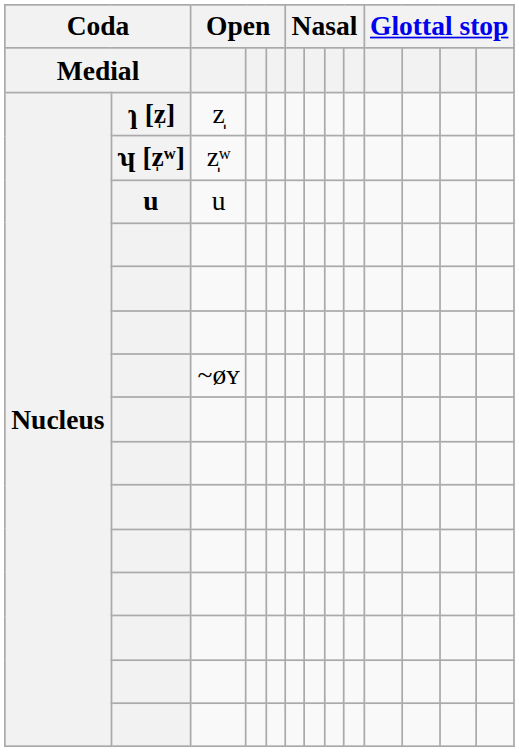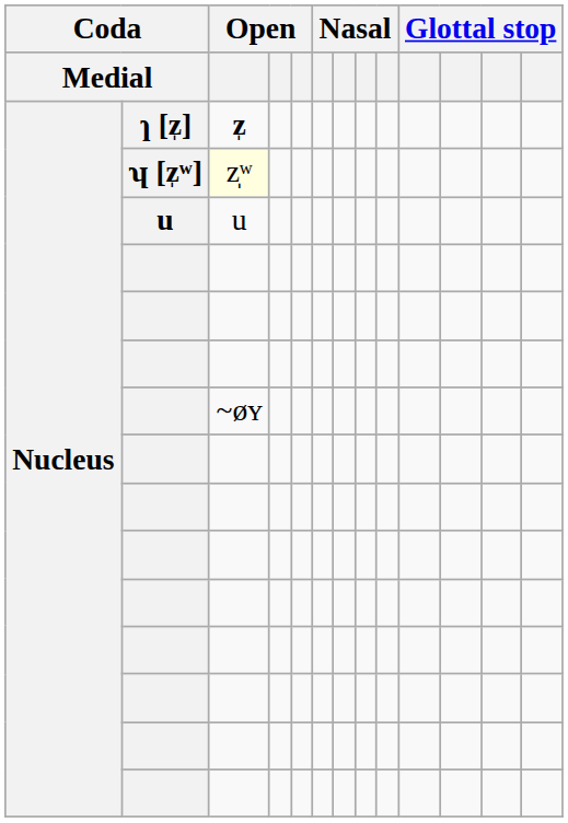 <table class="wikitable" style="text-align: center">
 <tr>
 <th colspan=2>Coda</th>
 <th colspan=3>Open</th>
 <th colspan=4>Nasal</th>
 <th colspan=4><a href='#'>Glottal stop</a></th>
 </tr>
 <tr>
 <th colspan=2>Medial</th>
 <th></th>
 <th></th>
 <th></th>
 <th></th>
 <th></th>
 <th></th>
 <th></th>
 <th></th>
 <th></th>
 <th></th>
 <th></th>
 </tr>
 <tr>
 <th rowspan="15">Nucleus</th>
 <th>ɿ [z̩]</th>
-<td>z̩</td>
+<td><strong>z̩</strong></td>
 <td> </td>
 <td> </td>
 <td> </td>
 <td> </td>
 <td> </td>
 <td> </td>
 <td> </td>
 <td> </td>
 <td> </td>
 <td> </td>
 </tr>
 <tr>
 <th>ʮ [z̩ʷ]</th>
-<td>z̩ʷ</td>
+<td style="background: lightyellow;">z̩ʷ</td>
 <td> </td>
 <td> </td>
 <td> </td>
 <td> </td>
 <td> </td>
 <td> </td>
 <td> </td>
 <td> </td>
 <td> </td>
 <td> </td>
 </tr>
 <tr>
 <th>u</th>
 <td>u</td>
 <td> </td>
 <td> </td>
 <td> </td>
 <td> </td>
 <td> </td>
 <td> </td>
 <td> </td>
 <td> </td>
 <td> </td>
 <td> </td>
 </tr>
 <tr>
 <th></th>
 <td></td>
 <td> </td>
 <td> </td>
 <td></td>
 <td> </td>
 <td> </td>
 <td> </td>
 <td> </td>
 <td> </td>
 <td> </td>
 <td> </td>
 </tr>
 <tr>
 <th></th>
 <td></td>
 <td> </td>
 <td> </td>
 <td> </td>
 <td> </td>
 <td> </td>
 <td> </td>
 <td> </td>
 <td> </td>
 <td> </td>
 <td> </td>
 </tr>
 <tr>
 <th></th>
 <td> </td>
 <td></td>
 <td> </td>
 <td> </td>
 <td> </td>
 <td> </td>
 <td> </td>
 <td> </td>
 <td> </td>
 <td> </td>
 <td> </td>
 </tr>
 <tr>
 <th></th>
 <td>~øʏ</td>
 <td></td>
 <td> </td>
 <td></td>
 <td> </td>
 <td> </td>
 <td> </td>
 <td> </td>
 <td> </td>
 <td> </td>
 <td> </td>
 </tr>
 <tr>
 <th></th>
 <td></td>
 <td></td>
 <td></td>
 <td> </td>
 <td> </td>
 <td> </td>
 <td> </td>
 <td> </td>
 <td> </td>
 <td> </td>
 <td> </td>
 </tr>
 <tr>
 <th></th>
 <td></td>
 <td> </td>
 <td></td>
 <td> </td>
 <td> </td>
 <td> </td>
 <td> </td>
 <td> </td>
 <td> </td>
 <td> </td>
 <td> </td>
 </tr>
 <tr>
 <th></th>
 <td> </td>
 <td> </td>
 <td> </td>
 <td></td>
 <td> </td>
 <td></td>
 <td></td>
 <td></td>
 <td></td>
 <td></td>
 <td></td>
 </tr>
 <tr>
 <th></th>
 <td></td>
 <td></td>
 <td> </td>
 <td></td>
 <td></td>
 <td> </td>
 <td> </td>
 <td></td>
 <td></td>
 <td> </td>
 <td> </td>
 </tr>
 <tr>
 <th></th>
 <td></td>
 <td> </td>
 <td> </td>
 <td> </td>
 <td> </td>
 <td> </td>
 <td> </td>
 <td> </td>
 <td> </td>
 <td> </td>
 <td> </td>
 </tr>
 <tr>
 <th></th>
 <td></td>
 <td></td>
 <td> </td>
 <td> </td>
 <td> </td>
 <td> </td>
 <td> </td>
 <td> </td>
 <td> </td>
 <td> </td>
 </tr>
 <tr>
 <th></th>
 <td> </td>
 <td> </td>
 <td> </td>
 <td></td>
 <td></td>
 <td></td>
 <td> </td>
 <td></td>
 <td></td>
 <td></td>
 <td></td>
 </tr>
 <tr>
 <th></th>
 <td></td>
 <td></td>
 <td></td>
 <td></td>
 <td></td>
 <td></td>
 <td> </td>
 <td></td>
 <td></td>
 <td> </td>
 <td> </td>
 </tr>
 </table>
